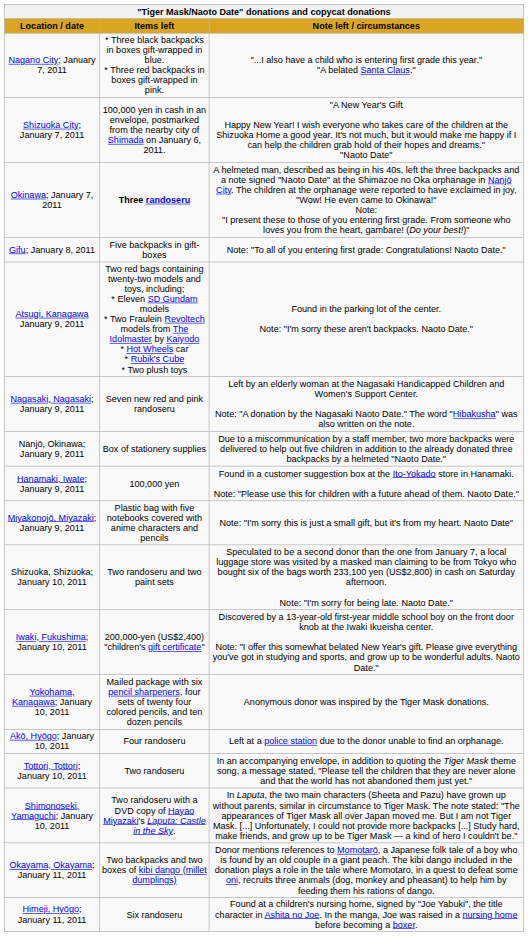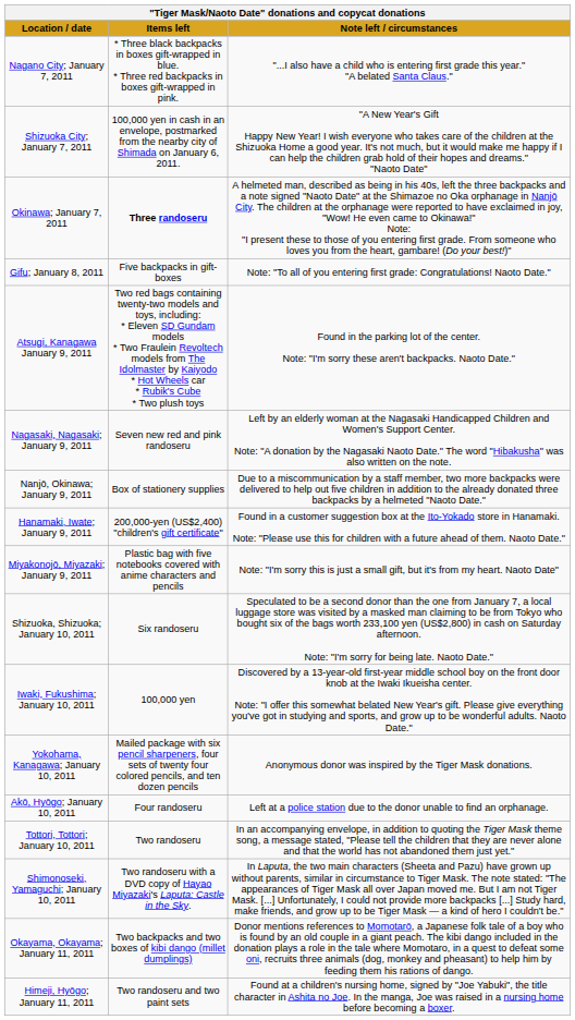 <table class="wikitable" style="font-size: 90%" width="825" class="wikitable" style="text-align:center;background-color:#eeeeee;" valign="middle">
 <tr>
 <th colspan=3>"Tiger Mask/Naoto Date" donations and copycat donations</th>
 </tr>
 <tr>
 <th width="75" style="background-color:goldenrod;">Location / date</th>
 <th width="100" style="background-color:goldenrod;">Items left</th>
 <th width="300" style="background-color:goldenrod;">Note left / circumstances</th>
 </tr>
 <tr align="center" valign="middle">
 <td width="75"><a href='#'>Nagano City</a>; January 7, 2011</td>
 <td width="100">* Three black backpacks in boxes gift-wrapped in blue. <br>* Three red backpacks in boxes gift-wrapped in pink.</td>
 <td width="300">"...I also have a child who is entering first grade this year."<br>"A belated <a href='#'>Santa Claus</a>."</td>
 </tr>
 <tr align="center" valign="middle">
 <td width="75"><a href='#'>Shizuoka City</a>; January 7, 2011</td>
 <td width="100">100,000 yen in cash in an envelope, postmarked from the nearby city of <a href='#'>Shimada</a> on January 6, 2011.</td>
 <td width="300">"A New Year's Gift<br><br>Happy New Year! I wish everyone who takes care of the children at the Shizuoka Home a good year. It's not much, but it would make me happy if I can help the children grab hold of their hopes and dreams." <br> "Naoto Date"</td>
 </tr>
 <tr align="center" valign="middle">
 <td width="75"><a href='#'>Okinawa</a>; January 7, 2011</td>
 <td width="100"><strong>Three <a href='#'>randoseru</a></strong></td>
 <td width="300">A helmeted man, described as being in his 40s, left the three backpacks and a note signed "Naoto Date" at the Shimazoe no Oka orphanage in <a href='#'>Nanjō City</a>. The children at the orphanage were reported to have exclaimed in joy, "Wow! He even came to Okinawa!"<br>Note:<br>"I present these to those of you entering first grade. From someone who loves you from the heart, gambare! (<em>Do your best!</em>)"</td>
 </tr>
 <tr align="center" valign="middle">
 <td width="75"><a href='#'>Gifu</a>; January 8, 2011</td>
 <td width="100">Five backpacks in gift-boxes</td>
 <td width="300">Note: "To all of you entering first grade: Congratulations! Naoto Date."</td>
 </tr>
 <tr align="center" valign="middle">
 <td width="75"><a href='#'>Atsugi, Kanagawa</a> January 9, 2011</td>
 <td width="100">Two red bags containing twenty-two models and toys, including:<br>* Eleven <a href='#'>SD Gundam</a> models<br>* Two Fraulein <a href='#'>Revoltech</a> models from <a href='#'>The Idolmaster</a> by <a href='#'>Kaiyodo</a><br>* <a href='#'>Hot Wheels</a> car<br>* <a href='#'>Rubik's Cube</a><br>* Two plush toys</td>
 <td width="300">Found in the parking lot of the center.<br><br>Note: "I'm sorry these aren't backpacks. Naoto Date."</td>
 </tr>
 <tr align="center" valign="middle">
 <td width="75"><a href='#'>Nagasaki, Nagasaki</a>; January 9, 2011</td>
 <td width="100">Seven new red and pink randoseru</td>
 <td width="300">Left by an elderly woman at the Nagasaki Handicapped Children and Women's Support Center.<br><br>Note: "A donation by the Nagasaki Naoto Date." The word "<a href='#'>Hibakusha</a>" was also written on the note.</td>
 </tr>
 <tr align="center" valign="middle">
 <td width="75">Nanjō, Okinawa; January 9, 2011</td>
 <td width="100">Box of stationery supplies</td>
 <td width="300">Due to a miscommunication by a staff member, two more backpacks were delivered to help out five children in addition to the already donated three backpacks by a helmeted "Naoto Date."</td>
 </tr>
 <tr align="center" valign="middle">
 <td width="75"><a href='#'>Hanamaki, Iwate</a>; January 9, 2011</td>
-<td width="100">100,000 yen</td>
+<td width="100">200,000-yen (US$2,400) "children's <a href='#'>gift certificate</a>"</td>
 <td width="300">Found in a customer suggestion box at the <a href='#'>Ito-Yokado</a> store in Hanamaki.<br><br>Note: "Please use this for children with a future ahead of them. Naoto Date."</td>
 </tr>
 <tr align="center" valign="middle">
 <td width="75"><a href='#'>Miyakonojō, Miyazaki</a>; January 9, 2011</td>
 <td width="100">Plastic bag with five notebooks covered with anime characters and pencils</td>
 <td width="300">Note: "I'm sorry this is just a small gift, but it's from my heart. Naoto Date"</td>
 </tr>
 <tr align="center" valign="middle">
 <td width="75">Shizuoka, Shizuoka; January 10, 2011</td>
-<td width="100">Two randoseru and two paint sets</td>
+<td width="100">Six randoseru</td>
 <td width="300">Speculated to be a second donor than the one from January 7, a local luggage store was visited by a masked man claiming to be from Tokyo who bought six of the bags worth 233,100 yen (US$2,800) in cash on Saturday afternoon.<br><br>Note: "I'm sorry for being late. Naoto Date."</td>
 </tr>
 <tr align="center" valign="middle">
 <td width="75"><a href='#'>Iwaki, Fukushima</a>; January 10, 2011</td>
-<td width="100">200,000-yen (US$2,400) "children's <a href='#'>gift certificate</a>"</td>
+<td width="100">100,000 yen</td>
 <td width="300">Discovered by a 13-year-old first-year middle school boy on the front door knob at the Iwaki Ikueisha center.<br><br>Note: "I offer this somewhat belated New Year's gift. Please give everything you've got in studying and sports, and grow up to be wonderful adults. Naoto Date."</td>
 </tr>
 <tr align="center" valign="middle">
 <td width="75"><a href='#'>Yokohama, Kanagawa</a>; January 10, 2011</td>
 <td width="100">Mailed package with six <a href='#'>pencil sharpeners</a>, four sets of twenty four colored pencils, and ten dozen pencils</td>
 <td width="300">Anonymous donor was inspired by the Tiger Mask donations.</td>
 </tr>
 <tr align="center" valign="middle">
 <td width="75"><a href='#'>Akō, Hyōgo</a>; January 10, 2011</td>
 <td width="100">Four randoseru</td>
 <td width="300">Left at a <a href='#'>police station</a> due to the donor unable to find an orphanage.</td>
 </tr>
 <tr align="center" valign="middle">
 <td width="75"><a href='#'>Tottori, Tottori</a>; January 10, 2011</td>
 <td width="100">Two randoseru</td>
 <td width="300">In an accompanying envelope, in addition to quoting the <em>Tiger Mask</em> theme song, a message stated, "Please tell the children that they are never alone and that the world has not abandoned them just yet."</td>
 </tr>
 <tr align="center" valign="middle">
 <td width="75"><a href='#'>Shimonoseki, Yamaguchi</a>; January 10, 2011</td>
 <td width="100">Two randoseru with a DVD copy of <a href='#'>Hayao Miyazaki</a>'s <em><a href='#'>Laputa: Castle in the Sky</a></em>.</td>
 <td width="300">In <em>Laputa</em>, the two main characters (Sheeta and Pazu) have grown up without parents, similar in circumstance to Tiger Mask. The note stated: "The appearances of Tiger Mask all over Japan moved me. But I am not Tiger Mask. [...] Unfortunately, I could not provide more backpacks [...] Study hard, make friends, and grow up to be Tiger Mask — a kind of hero I couldn't be."</td>
 </tr>
 <tr align="center" valign="middle">
 <td width="75"><a href='#'>Okayama, Okayama</a>; January 11, 2011</td>
 <td width="100">Two backpacks and two boxes of <a href='#'>kibi dango (millet dumplings)</a></td>
 <td width="300">Donor mentions references to <a href='#'>Momotarō</a>, a Japanese folk tale of a boy who is found by an old couple in a giant peach. The kibi dango included in the donation plays a role in the tale where Momotaro, in a quest to defeat some <a href='#'>oni</a>, recruits three animals (dog, monkey and pheasant) to help him by feeding them his rations of dango.</td>
 </tr>
 <tr align="center" valign="middle">
 <td width="75"><a href='#'>Himeji, Hyōgo</a>; January 11, 2011</td>
-<td width="100">Six randoseru</td>
+<td width="100">Two randoseru and two paint sets</td>
 <td width="300">Found at a children's nursing home, signed by "Joe Yabuki", the title character in <a href='#'>Ashita no Joe</a>. In the manga, Joe was raised in a <a href='#'>nursing home</a> before becoming a <a href='#'>boxer</a>.</td>
 </tr>
 </table>
